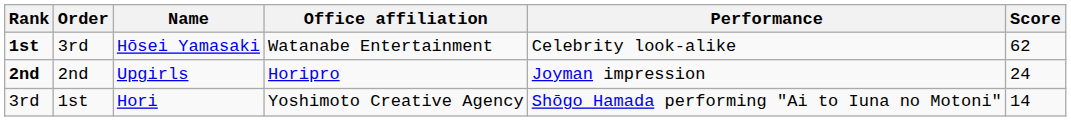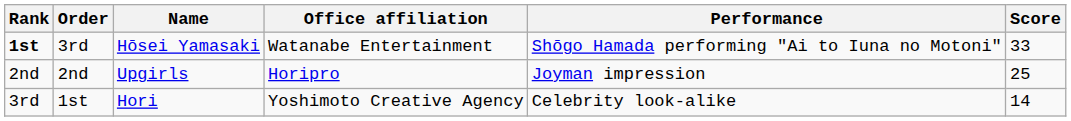 <table class="wikitable">
 <tr>
 <th>Rank</th>
 <th>Order</th>
 <th>Name</th>
 <th>Office affiliation</th>
 <th>Performance</th>
 <th>Score</th>
 </tr>
 <tr>
 <td><strong>1st</strong></td>
 <td>3rd</td>
 <td><a href='#'>Hōsei Yamasaki</a></td>
 <td>Watanabe Entertainment</td>
-<td>Celebrity look-alike</td>
-<td>62</td>
+<td><a href='#'>Shōgo Hamada</a> performing "Ai to Iuna no Motoni"</td>
+<td>33</td>
 </tr>
 <tr>
-<td><strong>2nd</strong></td>
+<td>2nd</td>
 <td>2nd</td>
 <td><a href='#'>Upgirls</a></td>
 <td><a href='#'>Horipro</a></td>
 <td><a href='#'>Joyman</a> impression</td>
-<td>24</td>
+<td>25</td>
 </tr>
 <tr>
 <td>3rd</td>
 <td>1st</td>
 <td><a href='#'>Hori</a></td>
 <td>Yoshimoto Creative Agency</td>
-<td><a href='#'>Shōgo Hamada</a> performing "Ai to Iuna no Motoni"</td>
+<td>Celebrity look-alike</td>
 <td>14</td>
 </tr>
 </table>
